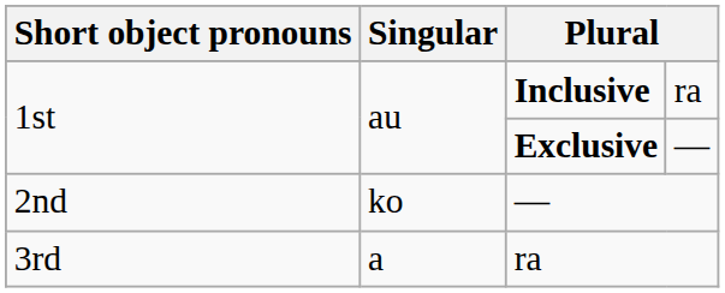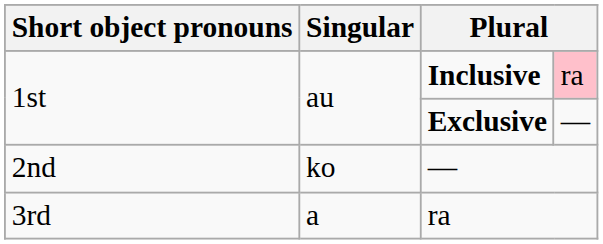 <table class="wikitable">
 <tr>
 <th>Short object pronouns</th>
 <th>Singular</th>
 <th colspan="2">Plural</th>
 </tr>
 <tr>
 <td rowspan="2">1st</td>
 <td rowspan="2">au</td>
 <td><strong>Inclusive</strong></td>
-<td>ra</td>
+<td style="background: pink;">ra</td>
 </tr>
 <tr>
 <td><strong>Exclusive</strong></td>
 <td>—</td>
 </tr>
 <tr>
 <td>2nd</td>
 <td>ko</td>
 <td colspan="2">—</td>
 </tr>
 <tr>
 <td>3rd</td>
 <td>a</td>
 <td colspan="2">ra</td>
 </tr>
 </table>
